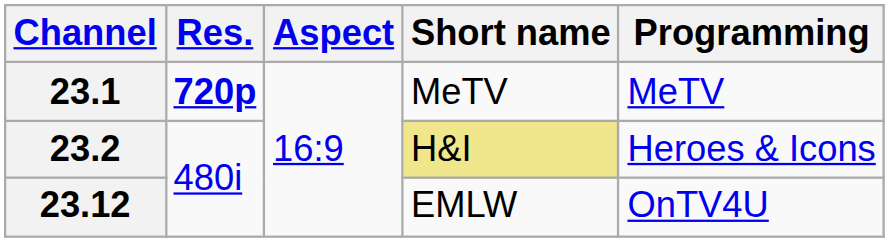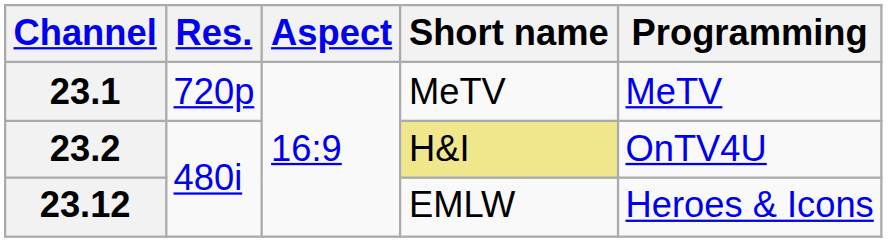 <table class="wikitable">
 <tr>
 <th scope = "col"><a href='#'>Channel</a></th>
 <th scope = "col"><a href='#'>Res.</a></th>
 <th scope = "col"><a href='#'>Aspect</a></th>
 <th scope = "col">Short name</th>
 <th scope = "col">Programming</th>
 </tr>
 <tr>
 <th scope="row">23.1</th>
-<td><strong><a href='#'>720p</a></strong></td>
+<td><a href='#'>720p</a></td>
 <td rowspan="3"><a href='#'>16:9</a></td>
 <td>MeTV</td>
 <td><a href='#'>MeTV</a></td>
 </tr>
 <tr>
 <th scope="row">23.2</th>
 <td rowspan="2"><a href='#'>480i</a></td>
 <td style="background: khaki;">H&I</td>
-<td><a href='#'>Heroes & Icons</a></td>
+<td><a href='#'>OnTV4U</a></td>
 </tr>
 <tr>
 <th scope="row">23.12</th>
 <td>EMLW</td>
-<td><a href='#'>OnTV4U</a></td>
+<td><a href='#'>Heroes & Icons</a></td>
 </tr>
 </table>
